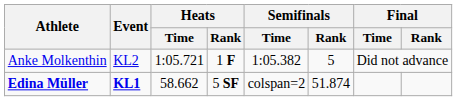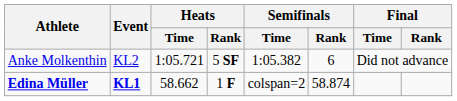 <table class=wikitable style="font-size:90%">
 <tr>
 <th rowspan="2">Athlete</th>
 <th rowspan="2">Event</th>
 <th colspan=2>Heats</th>
 <th colspan=2>Semifinals</th>
 <th colspan=2>Final</th>
 </tr>
 <tr style="font-size:95%">
 <th>Time</th>
 <th>Rank</th>
 <th>Time</th>
 <th>Rank</th>
 <th>Time</th>
 <th>Rank</th>
 </tr>
 <tr align=center>
 <td align=left><a href='#'>Anke Molkenthin</a></td>
 <td align=left><a href='#'>KL2</a></td>
 <td>1:05.721</td>
-<td>1 <strong>F</strong></td>
+<td>5 <strong>SF</strong></td>
 <td>1:05.382</td>
-<td>5</td>
+<td>6</td>
 <td colspan=2>Did not advance</td>
 </tr>
 <tr align=center>
 <td align=left><strong><a href='#'>Edina Müller</a></strong></td>
 <td align=left><strong><a href='#'>KL1</a></strong></td>
 <td>58.662</td>
-<td>5 <strong>SF</strong></td>
+<td>1 <strong>F</strong></td>
 <td>colspan=2</td>
-<td>51.874</td>
+<td>58.874</td>
 <td></td>
 </tr>
 </table>
